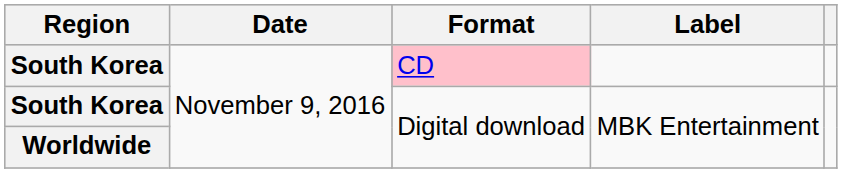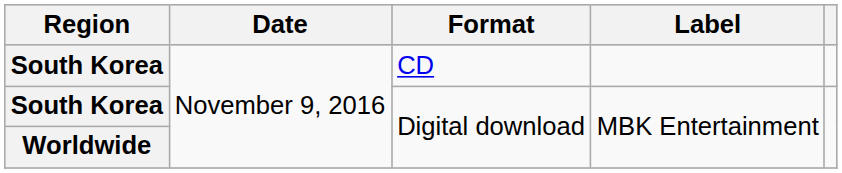 <table class="wikitable plainrowheaders">
 <tr>
 <th>Region</th>
 <th>Date</th>
 <th>Format</th>
 <th>Label</th>
 <th></th>
 </tr>
 <tr>
 <th scope="row">South Korea</th>
 <td rowspan="3">November 9, 2016</td>
-<td style="background: pink;"><a href='#'>CD</a></td>
+<td><a href='#'>CD</a></td>
 <td></td>
 <td align="center"></td>
 </tr>
 <tr>
 <th scope="row">South Korea</th>
 <td rowspan="2">Digital download</td>
 <td rowspan="2">MBK Entertainment</td>
 <td rowspan="2"></td>
 </tr>
 <tr>
 <th scope="row">Worldwide</th>
 </tr>
 </table>
